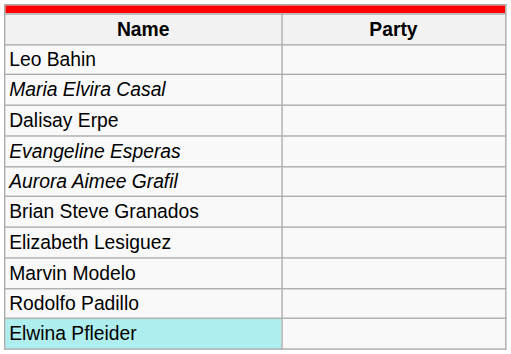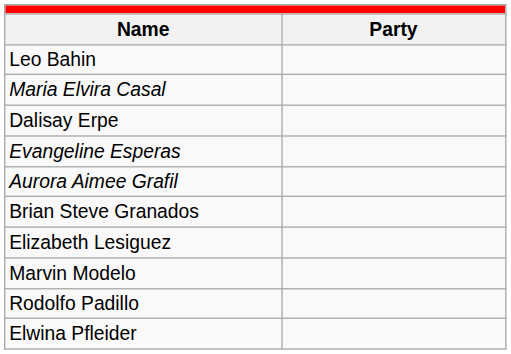 <table class=wikitable style="font-size:90%">
 <tr>
 <td colspan=4 bgcolor=ff0000></td>
 </tr>
 <tr>
 <th width=200px>Name</th>
 <th colspan=2 width=160px>Party</th>
 </tr>
 <tr>
 <td>Leo Bahin</td>
 <td></td>
 </tr>
 <tr>
 <td><em>Maria Elvira Casal</em></td>
 <td></td>
 </tr>
 <tr>
 <td>Dalisay Erpe</td>
 <td></td>
 </tr>
 <tr>
 <td><em>Evangeline Esperas</em></td>
 <td></td>
 </tr>
 <tr>
 <td><em>Aurora Aimee Grafil</em></td>
 <td></td>
 </tr>
 <tr>
 <td>Brian Steve Granados</td>
 <td></td>
 </tr>
 <tr>
 <td>Elizabeth Lesiguez</td>
 <td></td>
 </tr>
 <tr>
 <td>Marvin Modelo</td>
 <td></td>
 </tr>
 <tr>
 <td>Rodolfo Padillo</td>
 <td></td>
 </tr>
 <tr>
-<td style="background: paleturquoise;">Elwina Pfleider</td>
+<td>Elwina Pfleider</td>
 <td></td>
 </tr>
 </table>
